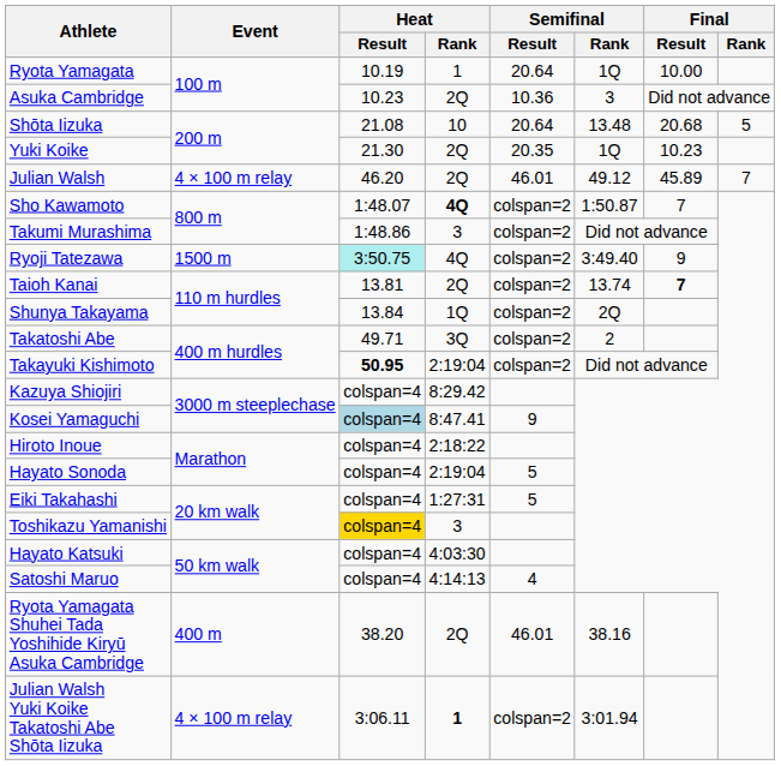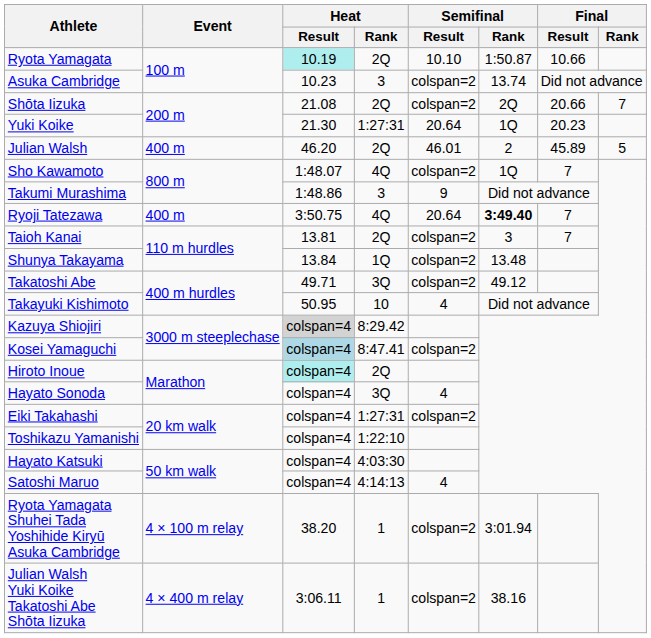 <table class="wikitable" style="font-size:90%">
 <tr>
 <th rowspan="2">Athlete</th>
 <th rowspan="2">Event</th>
 <th colspan="2">Heat</th>
 <th colspan="2">Semifinal</th>
 <th colspan="2">Final</th>
 </tr>
 <tr style="font-size:95%">
 <th>Result</th>
 <th>Rank</th>
 <th>Result</th>
 <th>Rank</th>
 <th>Result</th>
 <th>Rank</th>
 </tr>
 <tr style="text-align:center">
 <td style="text-align:left"><a href='#'>Ryota Yamagata</a></td>
 <td style="text-align:left" rowspan=2><a href='#'>100 m</a></td>
-<td>10.19</td>
-<td>1</td>
-<td>20.64</td>
-<td>1Q</td>
-<td>10.00</td>
+<td style="background: paleturquoise;">10.19</td>
+<td>2Q</td>
+<td>10.10</td>
+<td>1:50.87</td>
+<td>10.66</td>
 <td></td>
 </tr>
 <tr style="text-align:center">
 <td style="text-align:left"><a href='#'>Asuka Cambridge</a></td>
 <td>10.23</td>
-<td>2Q</td>
-<td>10.36</td>
 <td>3</td>
+<td>colspan=2 </td>
+<td>13.74</td>
 <td colspan=3>Did not advance</td>
 </tr>
 <tr style="text-align:center">
 <td style="text-align:left"><a href='#'>Shōta Iizuka</a></td>
 <td style="text-align:left" rowspan=2><a href='#'>200 m</a></td>
 <td>21.08</td>
-<td>10</td>
-<td>20.64</td>
-<td>13.48</td>
-<td>20.68</td>
-<td>5</td>
+<td>2Q</td>
+<td>colspan=2 </td>
+<td>2Q</td>
+<td>20.66</td>
+<td>7</td>
 </tr>
 <tr style="text-align:center">
 <td style="text-align:left"><a href='#'>Yuki Koike</a></td>
 <td>21.30</td>
-<td>2Q</td>
-<td>20.35</td>
+<td>1:27:31</td>
+<td>20.64</td>
 <td>1Q</td>
-<td>10.23</td>
+<td>20.23</td>
 <td></td>
 </tr>
 <tr style="text-align:center">
 <td style="text-align:left"><a href='#'>Julian Walsh</a></td>
-<td style="text-align:left"><a href='#'>4 × 100 m relay</a></td>
+<td style="text-align:left"><a href='#'>400 m</a></td>
 <td>46.20</td>
 <td>2Q</td>
 <td>46.01</td>
-<td>49.12</td>
+<td>2</td>
 <td>45.89</td>
-<td>7</td>
+<td>5</td>
 </tr>
 <tr style="text-align:center">
 <td style="text-align:left"><a href='#'>Sho Kawamoto</a></td>
 <td style="text-align:left" rowspan=2><a href='#'>800 m</a></td>
 <td>1:48.07</td>
-<td><strong>4Q</strong></td>
+<td>4Q</td>
 <td>colspan=2 </td>
-<td>1:50.87</td>
+<td>1Q</td>
 <td>7</td>
 </tr>
 <tr style="text-align:center">
 <td style="text-align:left"><a href='#'>Takumi Murashima</a></td>
 <td>1:48.86</td>
 <td>3</td>
-<td>colspan=2 </td>
+<td>9</td>
 <td colspan=2>Did not advance</td>
 </tr>
 <tr style="text-align:center">
 <td style="text-align:left"><a href='#'>Ryoji Tatezawa</a></td>
-<td style="text-align:left"><a href='#'>1500 m</a></td>
-<td style="background: paleturquoise;">3:50.75</td>
+<td style="text-align:left"><a href='#'>400 m</a></td>
+<td>3:50.75</td>
 <td>4Q</td>
-<td>colspan=2 </td>
-<td>3:49.40</td>
-<td>9</td>
+<td>20.64</td>
+<td><strong>3:49.40</strong></td>
+<td>7</td>
 </tr>
 <tr style="text-align:center">
 <td style="text-align:left"><a href='#'>Taioh Kanai</a></td>
 <td style="text-align:left" rowspan=2><a href='#'>110 m hurdles</a></td>
 <td>13.81</td>
 <td>2Q</td>
 <td>colspan=2 </td>
-<td>13.74</td>
-<td><strong>7</strong></td>
+<td>3</td>
+<td>7</td>
 </tr>
 <tr style="text-align:center">
 <td style="text-align:left"><a href='#'>Shunya Takayama</a></td>
 <td>13.84</td>
 <td>1Q</td>
 <td>colspan=2 </td>
-<td>2Q</td>
+<td>13.48</td>
 <td></td>
 </tr>
 <tr style="text-align:center">
 <td style="text-align:left"><a href='#'>Takatoshi Abe</a></td>
 <td style="text-align:left" rowspan=2><a href='#'>400 m hurdles</a></td>
 <td>49.71</td>
 <td>3Q</td>
 <td>colspan=2 </td>
-<td>2</td>
+<td>49.12</td>
 <td></td>
 </tr>
 <tr style="text-align:center">
 <td style="text-align:left"><a href='#'>Takayuki Kishimoto</a></td>
-<td><strong>50.95</strong></td>
-<td>2:19:04</td>
-<td>colspan=2 </td>
+<td>50.95</td>
+<td>10</td>
+<td>4</td>
 <td colspan=2>Did not advance</td>
 </tr>
 <tr style="text-align:center">
 <td style="text-align:left"><a href='#'>Kazuya Shiojiri</a></td>
 <td style="text-align:left" rowspan=2><a href='#'>3000 m steeplechase</a></td>
-<td>colspan=4 </td>
+<td style="background: lightgrey;">colspan=4 </td>
 <td>8:29.42</td>
 <td></td>
 </tr>
 <tr style="text-align:center">
 <td style="text-align:left"><a href='#'>Kosei Yamaguchi</a></td>
 <td style="background: lightblue;">colspan=4 </td>
 <td>8:47.41</td>
-<td>9</td>
+<td>colspan=2 </td>
 </tr>
 <tr style="text-align:center">
 <td style="text-align:left"><a href='#'>Hiroto Inoue</a></td>
 <td style="text-align:left" rowspan=2><a href='#'>Marathon</a></td>
-<td>colspan=4 </td>
-<td>2:18:22</td>
+<td style="background: paleturquoise;">colspan=4 </td>
+<td>2Q</td>
 <td></td>
 </tr>
 <tr style="text-align:center">
 <td style="text-align:left"><a href='#'>Hayato Sonoda</a></td>
 <td>colspan=4 </td>
-<td>2:19:04</td>
-<td>5</td>
+<td>3Q</td>
+<td>4</td>
 </tr>
 <tr style="text-align:center">
 <td style="text-align:left"><a href='#'>Eiki Takahashi</a></td>
 <td style="text-align:left" rowspan=2><a href='#'>20 km walk</a></td>
 <td>colspan=4 </td>
 <td>1:27:31</td>
-<td>5</td>
+<td>colspan=2 </td>
 </tr>
 <tr style="text-align:center">
 <td style="text-align:left"><a href='#'>Toshikazu Yamanishi</a></td>
-<td style="background: gold;">colspan=4 </td>
-<td>3</td>
+<td>colspan=4 </td>
+<td>1:22:10</td>
 <td></td>
 </tr>
 <tr style="text-align:center">
 <td style="text-align:left"><a href='#'>Hayato Katsuki</a></td>
 <td style="text-align:left" rowspan=2><a href='#'>50 km walk</a></td>
 <td>colspan=4 </td>
 <td>4:03:30</td>
 <td></td>
 </tr>
 <tr style="text-align:center">
 <td style="text-align:left"><a href='#'>Satoshi Maruo</a></td>
 <td>colspan=4 </td>
 <td>4:14:13</td>
 <td>4</td>
 </tr>
 <tr style="text-align:center">
 <td style="text-align:left"><a href='#'>Ryota Yamagata</a><br><a href='#'>Shuhei Tada</a><br><a href='#'>Yoshihide Kiryū</a><br><a href='#'>Asuka Cambridge</a></td>
-<td style="text-align:left"><a href='#'>400 m</a></td>
+<td style="text-align:left"><a href='#'>4 × 100 m relay</a></td>
 <td>38.20</td>
-<td>2Q</td>
-<td>46.01</td>
-<td>38.16</td>
+<td>1</td>
+<td>colspan=2 </td>
+<td>3:01.94</td>
 <td></td>
 </tr>
 <tr style="text-align:center">
 <td style="text-align:left"><a href='#'>Julian Walsh</a><br><a href='#'>Yuki Koike</a><br><a href='#'>Takatoshi Abe</a><br><a href='#'>Shōta Iizuka</a></td>
-<td style="text-align:left"><a href='#'>4 × 100 m relay</a></td>
+<td style="text-align:left"><a href='#'>4 × 400 m relay</a></td>
 <td>3:06.11</td>
-<td><strong>1</strong></td>
+<td>1</td>
 <td>colspan=2 </td>
-<td>3:01.94</td>
+<td>38.16</td>
 <td></td>
 </tr>
 </table>
